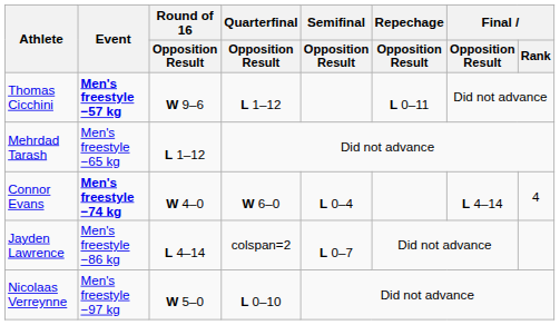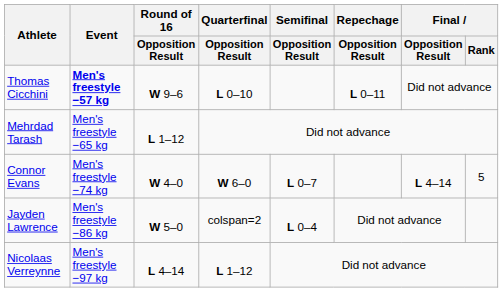 <table class=wikitable style=font-size:90%;text-align:center>
 <tr>
 <th rowspan=2>Athlete</th>
 <th rowspan=2>Event</th>
 <th>Round of 16</th>
 <th>Quarterfinal</th>
 <th>Semifinal</th>
 <th>Repechage</th>
 <th colspan=2>Final / </th>
 </tr>
 <tr style=font-size:95%>
 <th>Opposition<br>Result</th>
 <th>Opposition<br>Result</th>
 <th>Opposition<br>Result</th>
 <th>Opposition<br>Result</th>
 <th>Opposition<br>Result</th>
 <th>Rank</th>
 </tr>
 <tr>
 <td align=left><a href='#'>Thomas Cicchini</a></td>
 <td align=left><strong><a href='#'>Men's freestyle −57 kg</a></strong></td>
 <td><br><strong>W</strong> 9–6</td>
-<td><br><strong>L</strong> 1–12</td>
+<td><br><strong>L</strong>  0–10</td>
 <td></td>
 <td><br><strong>L</strong>  0–11</td>
 <td colspan=2>Did not advance</td>
 </tr>
 <tr>
 <td align=left><a href='#'>Mehrdad Tarash</a></td>
 <td align=left><a href='#'>Men's freestyle −65 kg</a></td>
 <td><br><strong>L</strong> 1–12</td>
 <td colspan=5>Did not advance</td>
 </tr>
 <tr>
 <td align=left><a href='#'>Connor Evans</a></td>
-<td align=left><strong><a href='#'>Men's freestyle −74 kg</a></strong></td>
+<td align=left><a href='#'>Men's freestyle −74 kg</a></td>
 <td><br><strong>W</strong> 4–0</td>
 <td><br><strong>W</strong> 6–0</td>
-<td><br><strong>L</strong> 0–4</td>
+<td><br><strong>L</strong> 0–7</td>
 <td></td>
 <td><br><strong>L</strong> 4–14</td>
-<td>4</td>
+<td>5</td>
 </tr>
 <tr>
 <td align=left><a href='#'>Jayden Lawrence</a></td>
 <td align=left><a href='#'>Men's freestyle −86 kg</a></td>
-<td><br><strong>L</strong> 4–14</td>
+<td><br><strong>W</strong> 5–0</td>
 <td>colspan=2 </td>
-<td><br><strong>L</strong> 0–7</td>
+<td><br><strong>L</strong> 0–4</td>
 <td colspan=2>Did not advance</td>
 </tr>
 <tr>
 <td align=left><a href='#'>Nicolaas Verreynne</a></td>
 <td align=left><a href='#'>Men's freestyle −97 kg</a></td>
-<td><br><strong>W</strong> 5–0</td>
-<td><br><strong>L</strong>  0–10</td>
+<td><br><strong>L</strong> 4–14</td>
+<td><br><strong>L</strong> 1–12</td>
 <td colspan=4>Did not advance</td>
 </tr>
 </table>
